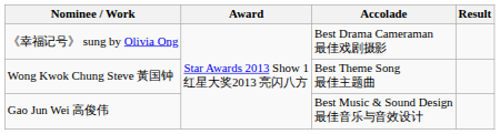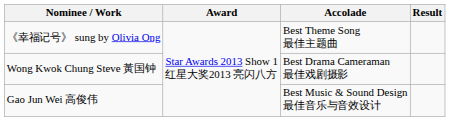 <table class="wikitable sortable">
 <tr>
 <th>Nominee / Work</th>
 <th>Award</th>
 <th>Accolade</th>
 <th class="unsortable">Result</th>
 </tr>
 <tr>
 <td>《幸福记号》 sung by <a href='#'>Olivia Ong</a></td>
 <td rowspan=3><a href='#'>Star Awards 2013</a> Show 1<br>红星大奖2013 亮闪八方</td>
-<td>Best Drama Cameraman<br>最佳戏剧摄影</td>
+<td>Best Theme Song<br>最佳主题曲</td>
 <td></td>
 </tr>
 <tr>
 <td>Wong Kwok Chung Steve 黃国钟</td>
-<td>Best Theme Song<br>最佳主题曲</td>
+<td>Best Drama Cameraman<br>最佳戏剧摄影</td>
 <td></td>
 </tr>
 <tr>
 <td>Gao Jun Wei 高俊伟</td>
 <td>Best Music & Sound Design<br>最佳音乐与音效设计</td>
 <td></td>
 </tr>
 </table>
